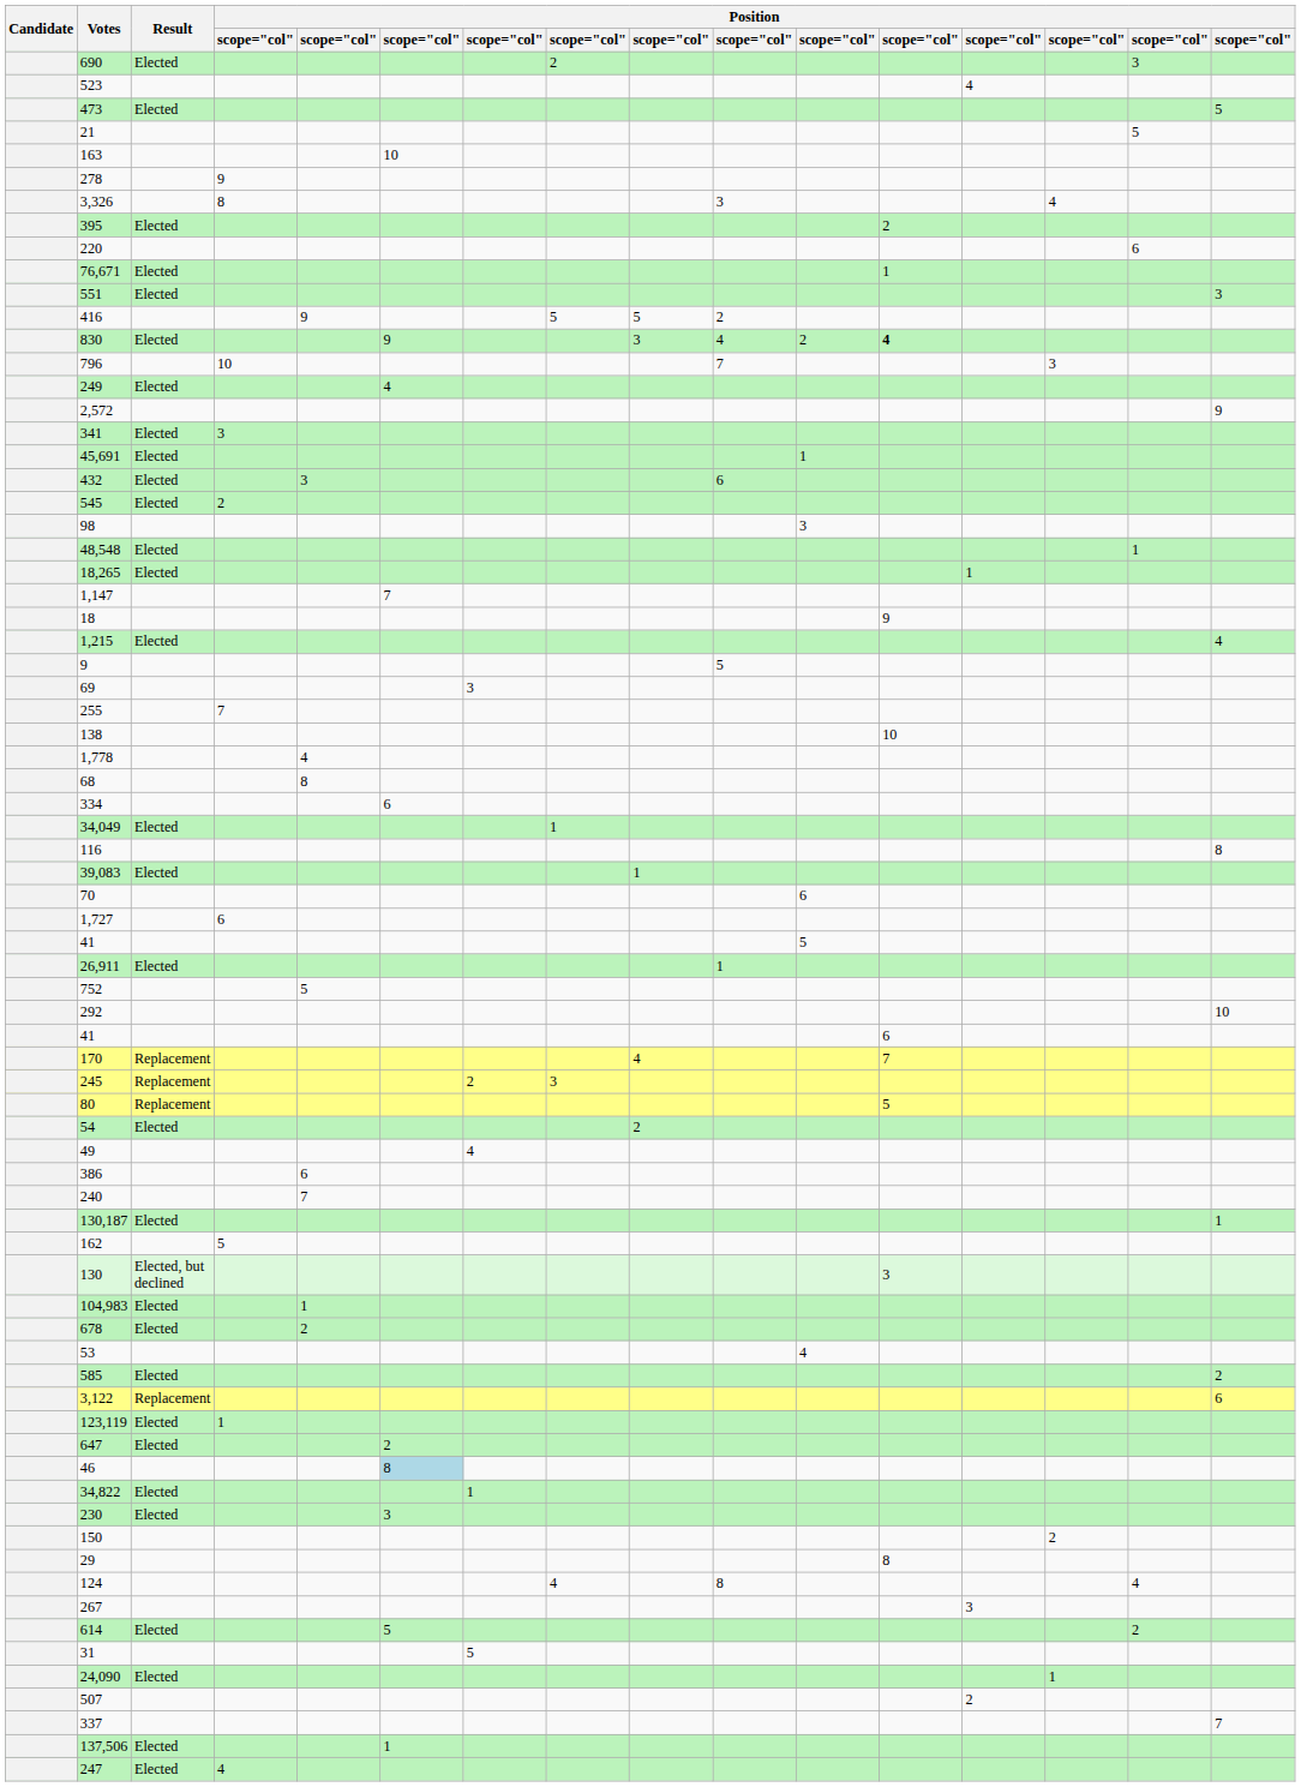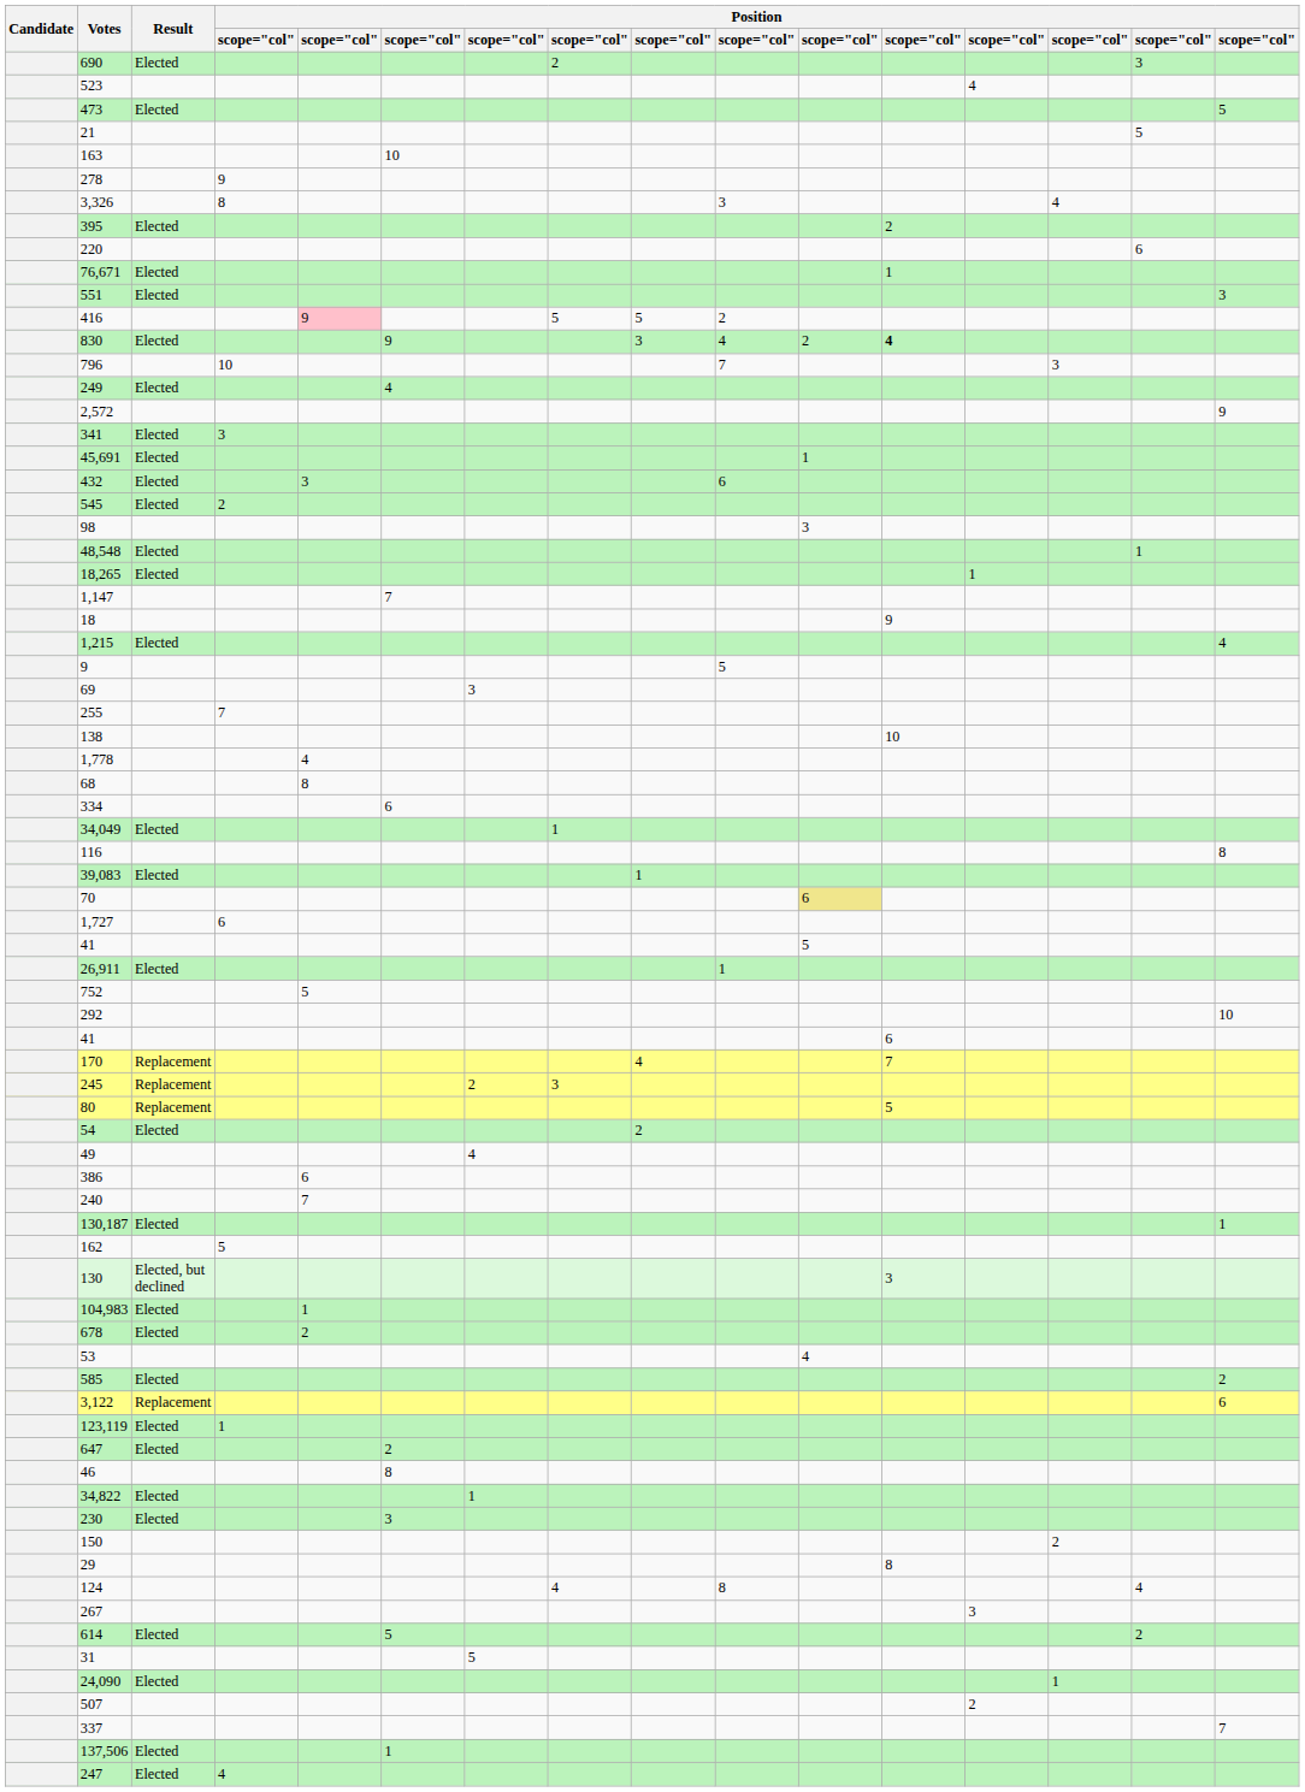 <table class="wikitable sortable defaultright col3left">
 <tr>
 <th scope="col" rowspan="2" style=width:12em>Candidate</th>
 <th scope="col" rowspan="2">Votes</th>
 <th scope="col" rowspan="2">Result</th>
 <th scope="col" colspan="13">Position</th>
 </tr>
 <tr>
 <th>scope="col" </th>
 <th>scope="col" </th>
 <th>scope="col" </th>
 <th>scope="col" </th>
 <th>scope="col" </th>
 <th>scope="col" </th>
 <th>scope="col" </th>
 <th>scope="col" </th>
 <th>scope="col" </th>
 <th>scope="col" </th>
 <th>scope="col" </th>
 <th>scope="col" </th>
 <th>scope="col" </th>
 </tr>
 <tr bgcolor=bbf3bb>
 <th scope="row"></th>
 <td>690</td>
 <td>Elected</td>
 <td></td>
 <td></td>
 <td></td>
 <td></td>
 <td>2</td>
 <td></td>
 <td></td>
 <td></td>
 <td></td>
 <td></td>
 <td></td>
 <td>3</td>
 <td></td>
 </tr>
 <tr>
 <th scope="row"></th>
 <td>523</td>
 <td></td>
 <td></td>
 <td></td>
 <td></td>
 <td></td>
 <td></td>
 <td></td>
 <td></td>
 <td></td>
 <td></td>
 <td>4</td>
 <td></td>
 <td></td>
 <td></td>
 </tr>
 <tr bgcolor=bbf3bb>
 <th scope="row"></th>
 <td>473</td>
 <td>Elected</td>
 <td></td>
 <td></td>
 <td></td>
 <td></td>
 <td></td>
 <td></td>
 <td></td>
 <td></td>
 <td></td>
 <td></td>
 <td></td>
 <td></td>
 <td>5</td>
 </tr>
 <tr>
 <th scope="row"></th>
 <td>21</td>
 <td></td>
 <td></td>
 <td></td>
 <td></td>
 <td></td>
 <td></td>
 <td></td>
 <td></td>
 <td></td>
 <td></td>
 <td></td>
 <td></td>
 <td>5</td>
 <td></td>
 </tr>
 <tr>
 <th scope="row"></th>
 <td>163</td>
 <td></td>
 <td></td>
 <td></td>
 <td>10</td>
 <td></td>
 <td></td>
 <td></td>
 <td></td>
 <td></td>
 <td></td>
 <td></td>
 <td></td>
 <td></td>
 <td></td>
 </tr>
 <tr>
 <th scope="row"></th>
 <td>278</td>
 <td></td>
 <td>9</td>
 <td></td>
 <td></td>
 <td></td>
 <td></td>
 <td></td>
 <td></td>
 <td></td>
 <td></td>
 <td></td>
 <td></td>
 <td></td>
 <td></td>
 </tr>
 <tr>
 <th scope="row"></th>
 <td>3,326</td>
 <td></td>
 <td>8</td>
 <td></td>
 <td></td>
 <td></td>
 <td></td>
 <td></td>
 <td>3</td>
 <td></td>
 <td></td>
 <td></td>
 <td>4</td>
 <td></td>
 <td></td>
 </tr>
 <tr bgcolor=bbf3bb>
 <th scope="row"></th>
 <td>395</td>
 <td>Elected</td>
 <td></td>
 <td></td>
 <td></td>
 <td></td>
 <td></td>
 <td></td>
 <td></td>
 <td></td>
 <td>2</td>
 <td></td>
 <td></td>
 <td></td>
 <td></td>
 </tr>
 <tr>
 <th scope="row"></th>
 <td>220</td>
 <td></td>
 <td></td>
 <td></td>
 <td></td>
 <td></td>
 <td></td>
 <td></td>
 <td></td>
 <td></td>
 <td></td>
 <td></td>
 <td></td>
 <td>6</td>
 <td></td>
 </tr>
 <tr bgcolor=bbf3bb>
 <th scope="row"></th>
 <td>76,671</td>
 <td>Elected</td>
 <td></td>
 <td></td>
 <td></td>
 <td></td>
 <td></td>
 <td></td>
 <td></td>
 <td></td>
 <td>1</td>
 <td></td>
 <td></td>
 <td></td>
 <td></td>
 </tr>
 <tr bgcolor=bbf3bb>
 <th scope="row"></th>
 <td>551</td>
 <td>Elected</td>
 <td></td>
 <td></td>
 <td></td>
 <td></td>
 <td></td>
 <td></td>
 <td></td>
 <td></td>
 <td></td>
 <td></td>
 <td></td>
 <td></td>
 <td>3</td>
 </tr>
 <tr>
 <th scope="row"></th>
 <td>416</td>
 <td></td>
 <td></td>
-<td>9</td>
+<td style="background: pink;">9</td>
 <td></td>
 <td></td>
 <td>5</td>
 <td>5</td>
 <td>2</td>
 <td></td>
 <td></td>
 <td></td>
 <td></td>
 <td></td>
 <td></td>
 </tr>
 <tr bgcolor=bbf3bb>
 <th scope="row"></th>
 <td>830</td>
 <td>Elected</td>
 <td></td>
 <td></td>
 <td>9</td>
 <td></td>
 <td></td>
 <td>3</td>
 <td>4</td>
 <td>2</td>
 <td><strong>4</strong></td>
 <td></td>
 <td></td>
 <td></td>
 <td></td>
 </tr>
 <tr>
 <th scope="row"></th>
 <td>796</td>
 <td></td>
 <td>10</td>
 <td></td>
 <td></td>
 <td></td>
 <td></td>
 <td></td>
 <td>7</td>
 <td></td>
 <td></td>
 <td></td>
 <td>3</td>
 <td></td>
 <td></td>
 </tr>
 <tr bgcolor=bbf3bb>
 <th scope="row"></th>
 <td>249</td>
 <td>Elected</td>
 <td></td>
 <td></td>
 <td>4</td>
 <td></td>
 <td></td>
 <td></td>
 <td></td>
 <td></td>
 <td></td>
 <td></td>
 <td></td>
 <td></td>
 <td></td>
 </tr>
 <tr>
 <th scope="row"></th>
 <td>2,572</td>
 <td></td>
 <td></td>
 <td></td>
 <td></td>
 <td></td>
 <td></td>
 <td></td>
 <td></td>
 <td></td>
 <td></td>
 <td></td>
 <td></td>
 <td></td>
 <td>9</td>
 </tr>
 <tr bgcolor=bbf3bb>
 <th scope="row"></th>
 <td>341</td>
 <td>Elected</td>
 <td>3</td>
 <td></td>
 <td></td>
 <td></td>
 <td></td>
 <td></td>
 <td></td>
 <td></td>
 <td></td>
 <td></td>
 <td></td>
 <td></td>
 <td></td>
 </tr>
 <tr bgcolor=bbf3bb>
 <th scope="row"></th>
 <td>45,691</td>
 <td>Elected</td>
 <td></td>
 <td></td>
 <td></td>
 <td></td>
 <td></td>
 <td></td>
 <td></td>
 <td>1</td>
 <td></td>
 <td></td>
 <td></td>
 <td></td>
 <td></td>
 </tr>
 <tr bgcolor=bbf3bb>
 <th scope="row"></th>
 <td>432</td>
 <td>Elected</td>
 <td></td>
 <td>3</td>
 <td></td>
 <td></td>
 <td></td>
 <td></td>
 <td>6</td>
 <td></td>
 <td></td>
 <td></td>
 <td></td>
 <td></td>
 <td></td>
 </tr>
 <tr bgcolor=bbf3bb>
 <th scope="row"></th>
 <td>545</td>
 <td>Elected</td>
 <td>2</td>
 <td></td>
 <td></td>
 <td></td>
 <td></td>
 <td></td>
 <td></td>
 <td></td>
 <td></td>
 <td></td>
 <td></td>
 <td></td>
 <td></td>
 </tr>
 <tr>
 <th scope="row"></th>
 <td>98</td>
 <td></td>
 <td></td>
 <td></td>
 <td></td>
 <td></td>
 <td></td>
 <td></td>
 <td></td>
 <td>3</td>
 <td></td>
 <td></td>
 <td></td>
 <td></td>
 <td></td>
 </tr>
 <tr bgcolor=bbf3bb>
 <th scope="row"></th>
 <td>48,548</td>
 <td>Elected</td>
 <td></td>
 <td></td>
 <td></td>
 <td></td>
 <td></td>
 <td></td>
 <td></td>
 <td></td>
 <td></td>
 <td></td>
 <td></td>
 <td>1</td>
 <td></td>
 </tr>
 <tr bgcolor=bbf3bb>
 <th scope="row"></th>
 <td>18,265</td>
 <td>Elected</td>
 <td></td>
 <td></td>
 <td></td>
 <td></td>
 <td></td>
 <td></td>
 <td></td>
 <td></td>
 <td></td>
 <td>1</td>
 <td></td>
 <td></td>
 <td></td>
 </tr>
 <tr>
 <th scope="row"></th>
 <td>1,147</td>
 <td></td>
 <td></td>
 <td></td>
 <td>7</td>
 <td></td>
 <td></td>
 <td></td>
 <td></td>
 <td></td>
 <td></td>
 <td></td>
 <td></td>
 <td></td>
 <td></td>
 </tr>
 <tr>
 <th scope="row"></th>
 <td>18</td>
 <td></td>
 <td></td>
 <td></td>
 <td></td>
 <td></td>
 <td></td>
 <td></td>
 <td></td>
 <td></td>
 <td>9</td>
 <td></td>
 <td></td>
 <td></td>
 <td></td>
 </tr>
 <tr bgcolor=bbf3bb>
 <th scope="row"></th>
 <td>1,215</td>
 <td>Elected</td>
 <td></td>
 <td></td>
 <td></td>
 <td></td>
 <td></td>
 <td></td>
 <td></td>
 <td></td>
 <td></td>
 <td></td>
 <td></td>
 <td></td>
 <td>4</td>
 </tr>
 <tr>
 <th scope="row"></th>
 <td>9</td>
 <td></td>
 <td></td>
 <td></td>
 <td></td>
 <td></td>
 <td></td>
 <td></td>
 <td>5</td>
 <td></td>
 <td></td>
 <td></td>
 <td></td>
 <td></td>
 <td></td>
 </tr>
 <tr>
 <th scope="row"></th>
 <td>69</td>
 <td></td>
 <td></td>
 <td></td>
 <td></td>
 <td>3</td>
 <td></td>
 <td></td>
 <td></td>
 <td></td>
 <td></td>
 <td></td>
 <td></td>
 <td></td>
 <td></td>
 </tr>
 <tr>
 <th scope="row"></th>
 <td>255</td>
 <td></td>
 <td>7</td>
 <td></td>
 <td></td>
 <td></td>
 <td></td>
 <td></td>
 <td></td>
 <td></td>
 <td></td>
 <td></td>
 <td></td>
 <td></td>
 <td></td>
 </tr>
 <tr>
 <th scope="row"></th>
 <td>138</td>
 <td></td>
 <td></td>
 <td></td>
 <td></td>
 <td></td>
 <td></td>
 <td></td>
 <td></td>
 <td></td>
 <td>10</td>
 <td></td>
 <td></td>
 <td></td>
 <td></td>
 </tr>
 <tr>
 <th scope="row"></th>
 <td>1,778</td>
 <td></td>
 <td></td>
 <td>4</td>
 <td></td>
 <td></td>
 <td></td>
 <td></td>
 <td></td>
 <td></td>
 <td></td>
 <td></td>
 <td></td>
 <td></td>
 <td></td>
 </tr>
 <tr>
 <th scope="row"></th>
 <td>68</td>
 <td></td>
 <td></td>
 <td>8</td>
 <td></td>
 <td></td>
 <td></td>
 <td></td>
 <td></td>
 <td></td>
 <td></td>
 <td></td>
 <td></td>
 <td></td>
 <td></td>
 </tr>
 <tr>
 <th scope="row"></th>
 <td>334</td>
 <td></td>
 <td></td>
 <td></td>
 <td>6</td>
 <td></td>
 <td></td>
 <td></td>
 <td></td>
 <td></td>
 <td></td>
 <td></td>
 <td></td>
 <td></td>
 <td></td>
 </tr>
 <tr bgcolor=bbf3bb>
 <th scope="row"></th>
 <td>34,049</td>
 <td>Elected</td>
 <td></td>
 <td></td>
 <td></td>
 <td></td>
 <td>1</td>
 <td></td>
 <td></td>
 <td></td>
 <td></td>
 <td></td>
 <td></td>
 <td></td>
 <td></td>
 </tr>
 <tr>
 <th scope="row"></th>
 <td>116</td>
 <td></td>
 <td></td>
 <td></td>
 <td></td>
 <td></td>
 <td></td>
 <td></td>
 <td></td>
 <td></td>
 <td></td>
 <td></td>
 <td></td>
 <td></td>
 <td>8</td>
 </tr>
 <tr bgcolor=bbf3bb>
 <th scope="row"></th>
 <td>39,083</td>
 <td>Elected</td>
 <td></td>
 <td></td>
 <td></td>
 <td></td>
 <td></td>
 <td>1</td>
 <td></td>
 <td></td>
 <td></td>
 <td></td>
 <td></td>
 <td></td>
 <td></td>
 </tr>
 <tr>
 <th scope="row"></th>
 <td>70</td>
 <td></td>
 <td></td>
 <td></td>
 <td></td>
 <td></td>
 <td></td>
 <td></td>
 <td></td>
-<td>6</td>
+<td style="background: khaki;">6</td>
 <td></td>
 <td></td>
 <td></td>
 <td></td>
 <td></td>
 </tr>
 <tr>
 <th scope="row"></th>
 <td>1,727</td>
 <td></td>
 <td>6</td>
 <td></td>
 <td></td>
 <td></td>
 <td></td>
 <td></td>
 <td></td>
 <td></td>
 <td></td>
 <td></td>
 <td></td>
 <td></td>
 <td></td>
 </tr>
 <tr>
 <th scope="row"></th>
 <td>41</td>
 <td></td>
 <td></td>
 <td></td>
 <td></td>
 <td></td>
 <td></td>
 <td></td>
 <td></td>
 <td>5</td>
 <td></td>
 <td></td>
 <td></td>
 <td></td>
 <td></td>
 </tr>
 <tr bgcolor=bbf3bb>
 <th scope="row"></th>
 <td>26,911</td>
 <td>Elected</td>
 <td></td>
 <td></td>
 <td></td>
 <td></td>
 <td></td>
 <td></td>
 <td>1</td>
 <td></td>
 <td></td>
 <td></td>
 <td></td>
 <td></td>
 <td></td>
 </tr>
 <tr>
 <th scope="row"></th>
 <td>752</td>
 <td></td>
 <td></td>
 <td>5</td>
 <td></td>
 <td></td>
 <td></td>
 <td></td>
 <td></td>
 <td></td>
 <td></td>
 <td></td>
 <td></td>
 <td></td>
 <td></td>
 </tr>
 <tr>
 <th scope="row"></th>
 <td>292</td>
 <td></td>
 <td></td>
 <td></td>
 <td></td>
 <td></td>
 <td></td>
 <td></td>
 <td></td>
 <td></td>
 <td></td>
 <td></td>
 <td></td>
 <td></td>
 <td>10</td>
 </tr>
 <tr>
 <th scope="row"></th>
 <td>41</td>
 <td></td>
 <td></td>
 <td></td>
 <td></td>
 <td></td>
 <td></td>
 <td></td>
 <td></td>
 <td></td>
 <td>6</td>
 <td></td>
 <td></td>
 <td></td>
 <td></td>
 </tr>
 <tr bgcolor=#FF8>
 <th scope="row"></th>
 <td>170</td>
 <td>Replacement</td>
 <td></td>
 <td></td>
 <td></td>
 <td></td>
 <td></td>
 <td>4</td>
 <td></td>
 <td></td>
 <td>7</td>
 <td></td>
 <td></td>
 <td></td>
 <td></td>
 </tr>
 <tr bgcolor=#FF8>
 <th scope="row"></th>
 <td>245</td>
 <td>Replacement</td>
 <td></td>
 <td></td>
 <td></td>
 <td>2</td>
 <td>3</td>
 <td></td>
 <td></td>
 <td></td>
 <td></td>
 <td></td>
 <td></td>
 <td></td>
 <td></td>
 </tr>
 <tr bgcolor=#FF8>
 <th scope="row"></th>
 <td>80</td>
 <td>Replacement</td>
 <td></td>
 <td></td>
 <td></td>
 <td></td>
 <td></td>
 <td></td>
 <td></td>
 <td></td>
 <td>5</td>
 <td></td>
 <td></td>
 <td></td>
 <td></td>
 </tr>
 <tr bgcolor=bbf3bb>
 <th scope="row"></th>
 <td>54</td>
 <td>Elected</td>
 <td></td>
 <td></td>
 <td></td>
 <td></td>
 <td></td>
 <td>2</td>
 <td></td>
 <td></td>
 <td></td>
 <td></td>
 <td></td>
 <td></td>
 <td></td>
 </tr>
 <tr>
 <th scope="row"></th>
 <td>49</td>
 <td></td>
 <td></td>
 <td></td>
 <td></td>
 <td>4</td>
 <td></td>
 <td></td>
 <td></td>
 <td></td>
 <td></td>
 <td></td>
 <td></td>
 <td></td>
 <td></td>
 </tr>
 <tr>
 <th scope="row"></th>
 <td>386</td>
 <td></td>
 <td></td>
 <td>6</td>
 <td></td>
 <td></td>
 <td></td>
 <td></td>
 <td></td>
 <td></td>
 <td></td>
 <td></td>
 <td></td>
 <td></td>
 <td></td>
 </tr>
 <tr>
 <th scope="row"></th>
 <td>240</td>
 <td></td>
 <td></td>
 <td>7</td>
 <td></td>
 <td></td>
 <td></td>
 <td></td>
 <td></td>
 <td></td>
 <td></td>
 <td></td>
 <td></td>
 <td></td>
 <td></td>
 </tr>
 <tr bgcolor=bbf3bb>
 <th scope="row"></th>
 <td>130,187</td>
 <td>Elected</td>
 <td></td>
 <td></td>
 <td></td>
 <td></td>
 <td></td>
 <td></td>
 <td></td>
 <td></td>
 <td></td>
 <td></td>
 <td></td>
 <td></td>
 <td>1</td>
 </tr>
 <tr>
 <th scope="row"></th>
 <td>162</td>
 <td></td>
 <td>5</td>
 <td></td>
 <td></td>
 <td></td>
 <td></td>
 <td></td>
 <td></td>
 <td></td>
 <td></td>
 <td></td>
 <td></td>
 <td></td>
 <td></td>
 </tr>
 <tr bgcolor=dcf9dc>
 <th scope="row"></th>
 <td>130</td>
 <td>Elected, but<br>declined</td>
 <td></td>
 <td></td>
 <td></td>
 <td></td>
 <td></td>
 <td></td>
 <td></td>
 <td></td>
 <td>3</td>
 <td></td>
 <td></td>
 <td></td>
 <td></td>
 </tr>
 <tr bgcolor=bbf3bb>
 <th scope="row"></th>
 <td>104,983</td>
 <td>Elected</td>
 <td></td>
 <td>1</td>
 <td></td>
 <td></td>
 <td></td>
 <td></td>
 <td></td>
 <td></td>
 <td></td>
 <td></td>
 <td></td>
 <td></td>
 <td></td>
 </tr>
 <tr bgcolor=bbf3bb>
 <th scope="row"></th>
 <td>678</td>
 <td>Elected</td>
 <td></td>
 <td>2</td>
 <td></td>
 <td></td>
 <td></td>
 <td></td>
 <td></td>
 <td></td>
 <td></td>
 <td></td>
 <td></td>
 <td></td>
 <td></td>
 </tr>
 <tr>
 <th scope="row"></th>
 <td>53</td>
 <td></td>
 <td></td>
 <td></td>
 <td></td>
 <td></td>
 <td></td>
 <td></td>
 <td></td>
 <td>4</td>
 <td></td>
 <td></td>
 <td></td>
 <td></td>
 <td></td>
 </tr>
 <tr bgcolor=bbf3bb>
 <th scope="row"></th>
 <td>585</td>
 <td>Elected</td>
 <td></td>
 <td></td>
 <td></td>
 <td></td>
 <td></td>
 <td></td>
 <td></td>
 <td></td>
 <td></td>
 <td></td>
 <td></td>
 <td></td>
 <td>2</td>
 </tr>
 <tr bgcolor=#FF8>
 <th scope="row"></th>
 <td>3,122</td>
 <td>Replacement</td>
 <td></td>
 <td></td>
 <td></td>
 <td></td>
 <td></td>
 <td></td>
 <td></td>
 <td></td>
 <td></td>
 <td></td>
 <td></td>
 <td></td>
 <td>6</td>
 </tr>
 <tr bgcolor=bbf3bb>
 <th scope="row"></th>
 <td>123,119</td>
 <td>Elected</td>
 <td>1</td>
 <td></td>
 <td></td>
 <td></td>
 <td></td>
 <td></td>
 <td></td>
 <td></td>
 <td></td>
 <td></td>
 <td></td>
 <td></td>
 <td></td>
 </tr>
 <tr bgcolor=bbf3bb>
 <th scope="row"></th>
 <td>647</td>
 <td>Elected</td>
 <td></td>
 <td></td>
 <td>2</td>
 <td></td>
 <td></td>
 <td></td>
 <td></td>
 <td></td>
 <td></td>
 <td></td>
 <td></td>
 <td></td>
 <td></td>
 </tr>
 <tr>
 <th scope="row"></th>
 <td>46</td>
 <td></td>
 <td></td>
 <td></td>
-<td style="background: lightblue;">8</td>
+<td>8</td>
 <td></td>
 <td></td>
 <td></td>
 <td></td>
 <td></td>
 <td></td>
 <td></td>
 <td></td>
 <td></td>
 <td></td>
 </tr>
 <tr bgcolor=bbf3bb>
 <th scope="row"></th>
 <td>34,822</td>
 <td>Elected</td>
 <td></td>
 <td></td>
 <td></td>
 <td>1</td>
 <td></td>
 <td></td>
 <td></td>
 <td></td>
 <td></td>
 <td></td>
 <td></td>
 <td></td>
 <td></td>
 </tr>
 <tr bgcolor=bbf3bb>
 <th scope="row"></th>
 <td>230</td>
 <td>Elected</td>
 <td></td>
 <td></td>
 <td>3</td>
 <td></td>
 <td></td>
 <td></td>
 <td></td>
 <td></td>
 <td></td>
 <td></td>
 <td></td>
 <td></td>
 <td></td>
 </tr>
 <tr>
 <th scope="row"></th>
 <td>150</td>
 <td></td>
 <td></td>
 <td></td>
 <td></td>
 <td></td>
 <td></td>
 <td></td>
 <td></td>
 <td></td>
 <td></td>
 <td></td>
 <td>2</td>
 <td></td>
 <td></td>
 </tr>
 <tr>
 <th scope="row"></th>
 <td>29</td>
 <td></td>
 <td></td>
 <td></td>
 <td></td>
 <td></td>
 <td></td>
 <td></td>
 <td></td>
 <td></td>
 <td>8</td>
 <td></td>
 <td></td>
 <td></td>
 <td></td>
 </tr>
 <tr>
 <th scope="row"></th>
 <td>124</td>
 <td></td>
 <td></td>
 <td></td>
 <td></td>
 <td></td>
 <td>4</td>
 <td></td>
 <td>8</td>
 <td></td>
 <td></td>
 <td></td>
 <td></td>
 <td>4</td>
 <td></td>
 </tr>
 <tr>
 <th scope="row"></th>
 <td>267</td>
 <td></td>
 <td></td>
 <td></td>
 <td></td>
 <td></td>
 <td></td>
 <td></td>
 <td></td>
 <td></td>
 <td></td>
 <td>3</td>
 <td></td>
 <td></td>
 <td></td>
 </tr>
 <tr bgcolor=bbf3bb>
 <th scope="row"></th>
 <td>614</td>
 <td>Elected</td>
 <td></td>
 <td></td>
 <td>5</td>
 <td></td>
 <td></td>
 <td></td>
 <td></td>
 <td></td>
 <td></td>
 <td></td>
 <td></td>
 <td>2</td>
 <td></td>
 </tr>
 <tr>
 <th scope="row"></th>
 <td>31</td>
 <td></td>
 <td></td>
 <td></td>
 <td></td>
 <td>5</td>
 <td></td>
 <td></td>
 <td></td>
 <td></td>
 <td></td>
 <td></td>
 <td></td>
 <td></td>
 <td></td>
 </tr>
 <tr bgcolor=bbf3bb>
 <th scope="row"></th>
 <td>24,090</td>
 <td>Elected</td>
 <td></td>
 <td></td>
 <td></td>
 <td></td>
 <td></td>
 <td></td>
 <td></td>
 <td></td>
 <td></td>
 <td></td>
 <td>1</td>
 <td></td>
 <td></td>
 </tr>
 <tr>
 <th scope="row"></th>
 <td>507</td>
 <td></td>
 <td></td>
 <td></td>
 <td></td>
 <td></td>
 <td></td>
 <td></td>
 <td></td>
 <td></td>
 <td></td>
 <td>2</td>
 <td></td>
 <td></td>
 <td></td>
 </tr>
 <tr>
 <th scope="row"></th>
 <td>337</td>
 <td></td>
 <td></td>
 <td></td>
 <td></td>
 <td></td>
 <td></td>
 <td></td>
 <td></td>
 <td></td>
 <td></td>
 <td></td>
 <td></td>
 <td></td>
 <td>7</td>
 </tr>
 <tr bgcolor=bbf3bb>
 <th scope="row"></th>
 <td>137,506</td>
 <td>Elected</td>
 <td></td>
 <td></td>
 <td>1</td>
 <td></td>
 <td></td>
 <td></td>
 <td></td>
 <td></td>
 <td></td>
 <td></td>
 <td></td>
 <td></td>
 <td></td>
 </tr>
 <tr bgcolor=bbf3bb>
 <th scope="row"></th>
 <td>247</td>
 <td>Elected</td>
 <td>4</td>
 <td></td>
 <td></td>
 <td></td>
 <td></td>
 <td></td>
 <td></td>
 <td></td>
 <td></td>
 <td></td>
 <td></td>
 <td></td>
 <td></td>
 </tr>
 </table>
